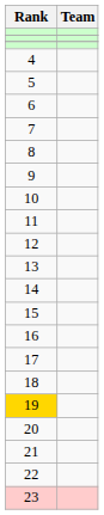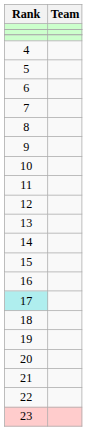 <table class="wikitable" style="text-align: center">
 <tr>
 <th width=50>Rank</th>
 <th>Team</th>
 </tr>
 <tr bgcolor=#ccffcc>
 <td></td>
 <td align=left></td>
 </tr>
 <tr>
 </tr>
 <tr bgcolor=#ccffcc>
 <td></td>
 <td align=left></td>
 </tr>
 <tr>
 </tr>
 <tr bgcolor=#ccffcc>
 <td></td>
 <td align=left></td>
 </tr>
 <tr>
 <td>4</td>
 <td align=left></td>
 </tr>
 <tr>
 <td>5</td>
 <td align=left></td>
 </tr>
 <tr>
 <td>6</td>
 <td align=left></td>
 </tr>
 <tr>
 <td>7</td>
 <td align=left></td>
 </tr>
 <tr>
 <td>8</td>
 <td align=left></td>
 </tr>
 <tr>
 <td>9</td>
 <td align=left></td>
 </tr>
 <tr>
 <td>10</td>
 <td align=left></td>
 </tr>
 <tr>
 <td>11</td>
 <td align=left></td>
 </tr>
 <tr>
 <td>12</td>
 <td align=left></td>
 </tr>
 <tr>
 <td>13</td>
 <td align=left></td>
 </tr>
 <tr>
 <td>14</td>
 <td align=left></td>
 </tr>
 <tr>
 <td>15</td>
 <td align=left></td>
 </tr>
 <tr>
 <td>16</td>
 <td align=left></td>
 </tr>
 <tr>
-<td>17</td>
+<td style="background: paleturquoise;">17</td>
 <td align=left></td>
 </tr>
 <tr>
 <td>18</td>
 <td align=left></td>
 </tr>
 <tr>
-<td style="background: gold;">19</td>
+<td>19</td>
 <td align=left></td>
 </tr>
 <tr>
 <td>20</td>
 <td align=left></td>
 </tr>
 <tr>
 <td>21</td>
 <td align=left></td>
 </tr>
 <tr>
 <td>22</td>
 <td align=left></td>
 </tr>
 <tr bgcolor=#ffcccc>
 <td>23</td>
 <td align=left></td>
 </tr>
 </table>
